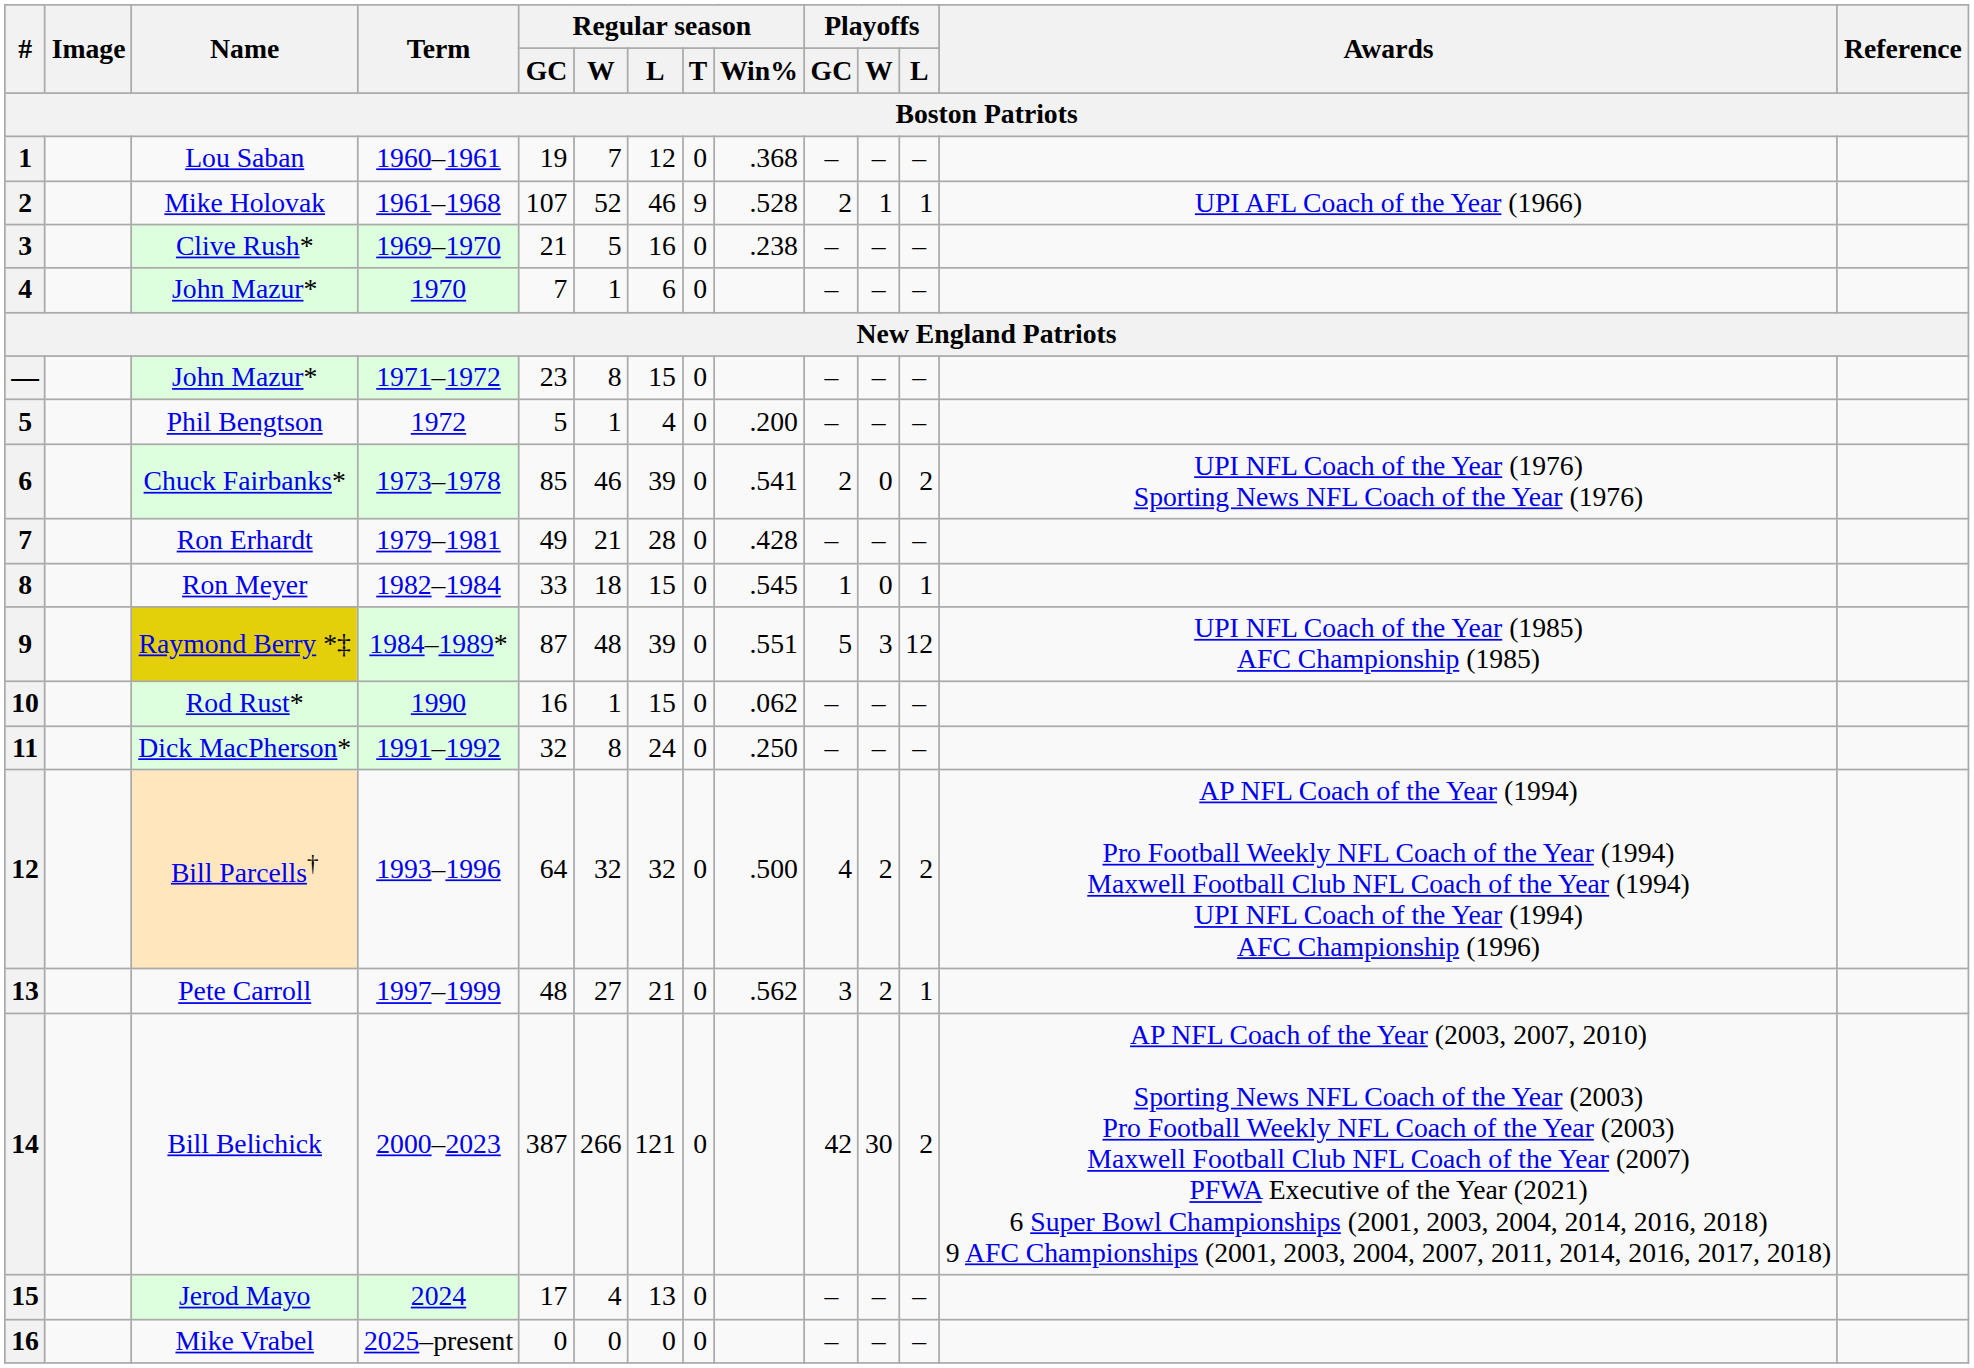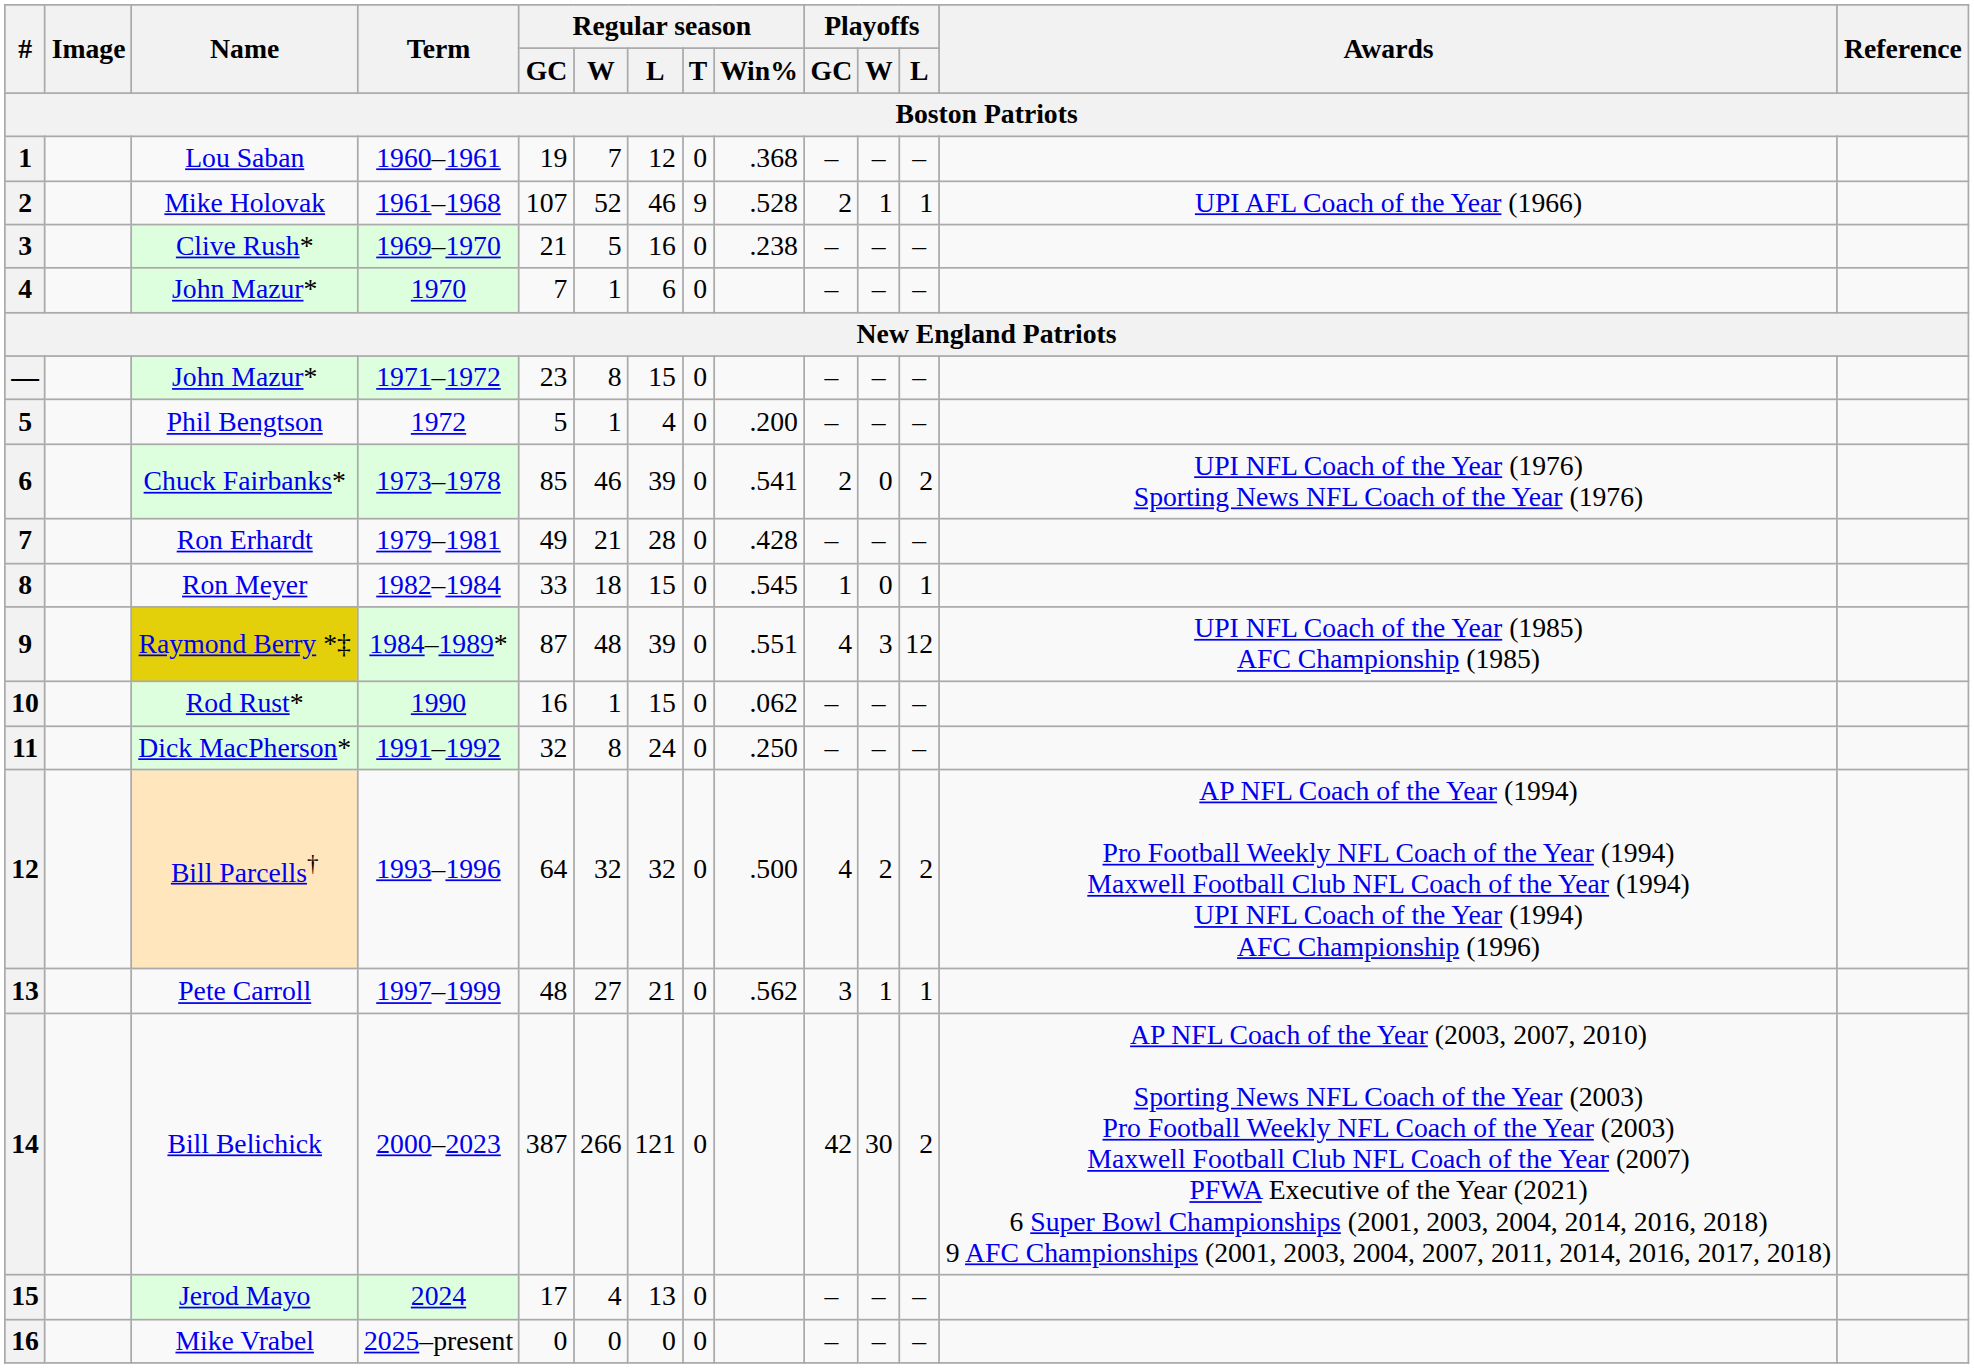 <table class="wikitable" style="text-align:center;">
 <tr>
 <th rowspan="2">#</th>
 <th rowspan="2">Image</th>
 <th rowspan="2">Name</th>
 <th rowspan="2">Term</th>
 <th colspan="5">Regular season</th>
 <th colspan="3">Playoffs</th>
 <th rowspan="2">Awards</th>
 <th rowspan="2">Reference</th>
 </tr>
 <tr>
 <th>GC</th>
 <th>W</th>
 <th>L</th>
 <th>T</th>
 <th>Win%</th>
 <th>GC</th>
 <th>W</th>
 <th>L</th>
 </tr>
 <tr>
 <th colspan="14">Boston Patriots</th>
 </tr>
 <tr>
 <th>1</th>
 <td></td>
 <td><a href='#'>Lou Saban</a></td>
 <td><a href='#'>1960</a>–<a href='#'>1961</a></td>
 <td align="right">19</td>
 <td align="right">7</td>
 <td align="right">12</td>
 <td align="right">0</td>
 <td align="right">.368</td>
 <td>–</td>
 <td>–</td>
 <td>–</td>
 <td></td>
 <td></td>
 </tr>
 <tr>
 <th>2</th>
 <td></td>
 <td><a href='#'>Mike Holovak</a></td>
 <td><a href='#'>1961</a>–<a href='#'>1968</a></td>
 <td align="right">107</td>
 <td align="right">52</td>
 <td align="right">46</td>
 <td align="right">9</td>
 <td align="right">.528</td>
 <td align="right">2</td>
 <td align="right">1</td>
 <td align="right">1</td>
 <td><a href='#'>UPI AFL Coach of the Year</a> (1966)</td>
 <td></td>
 </tr>
 <tr>
 <th>3</th>
 <td></td>
 <td style="background-color:#ddffdd"><a href='#'>Clive Rush</a>*</td>
 <td style="background-color:#ddffdd"><a href='#'>1969</a>–<a href='#'>1970</a></td>
 <td align="right">21</td>
 <td align="right">5</td>
 <td align="right">16</td>
 <td align="right">0</td>
 <td align="right">.238</td>
 <td>–</td>
 <td>–</td>
 <td>–</td>
 <td></td>
 <td></td>
 </tr>
 <tr>
 <th>4</th>
 <td></td>
 <td style="background-color:#ddffdd"><a href='#'>John Mazur</a>*</td>
 <td style="background-color:#ddffdd"><a href='#'>1970</a></td>
 <td align="right">7</td>
 <td align="right">1</td>
 <td align="right">6</td>
 <td align="right">0</td>
 <td align="right"></td>
 <td>–</td>
 <td>–</td>
 <td>–</td>
 <td></td>
 <td></td>
 </tr>
 <tr>
 <th colspan="14">New England Patriots</th>
 </tr>
 <tr>
 <th>—</th>
 <td></td>
 <td style="background-color:#ddffdd"><a href='#'>John Mazur</a>*</td>
 <td style="background-color:#ddffdd"><a href='#'>1971</a>–<a href='#'>1972</a></td>
 <td align="right">23</td>
 <td align="right">8</td>
 <td align="right">15</td>
 <td align="right">0</td>
 <td align="right"></td>
 <td>–</td>
 <td>–</td>
 <td>–</td>
 <td></td>
 <td></td>
 </tr>
 <tr>
 <th>5</th>
 <td></td>
 <td><a href='#'>Phil Bengtson</a></td>
 <td><a href='#'>1972</a></td>
 <td align="right">5</td>
 <td align="right">1</td>
 <td align="right">4</td>
 <td align="right">0</td>
 <td align="right">.200</td>
 <td>–</td>
 <td>–</td>
 <td>–</td>
 <td></td>
 <td></td>
 </tr>
 <tr>
 <th>6</th>
 <td></td>
 <td style="background-color:#ddffdd"><a href='#'>Chuck Fairbanks</a>*</td>
 <td style="background-color:#ddffdd"><a href='#'>1973</a>–<a href='#'>1978</a></td>
 <td align="right">85</td>
 <td align="right">46</td>
 <td align="right">39</td>
 <td align="right">0</td>
 <td align="right">.541</td>
 <td align="right">2</td>
 <td align="right">0</td>
 <td align="right">2</td>
 <td><a href='#'>UPI NFL Coach of the Year</a> (1976)<br><a href='#'>Sporting News NFL Coach of the Year</a> (1976)</td>
 <td></td>
 </tr>
 <tr>
 <th>7</th>
 <td></td>
 <td><a href='#'>Ron Erhardt</a></td>
 <td><a href='#'>1979</a>–<a href='#'>1981</a></td>
 <td align="right">49</td>
 <td align="right">21</td>
 <td align="right">28</td>
 <td align="right">0</td>
 <td align="right">.428</td>
 <td>–</td>
 <td>–</td>
 <td>–</td>
 <td></td>
 <td></td>
 </tr>
 <tr>
 <th>8</th>
 <td></td>
 <td><a href='#'>Ron Meyer</a></td>
 <td><a href='#'>1982</a>–<a href='#'>1984</a></td>
 <td align="right">33</td>
 <td align="right">18</td>
 <td align="right">15</td>
 <td align="right">0</td>
 <td align="right">.545</td>
 <td align="right">1</td>
 <td align="right">0</td>
 <td align="right">1</td>
 <td></td>
 <td></td>
 </tr>
 <tr>
 <th>9</th>
 <td></td>
 <td bgcolor="#E4D00A"><a href='#'>Raymond Berry</a> *‡</td>
 <td style="background-color:#ddffdd"><a href='#'>1984</a>–<a href='#'>1989</a>*</td>
 <td align="right">87</td>
 <td align="right">48</td>
 <td align="right">39</td>
 <td align="right">0</td>
 <td align="right">.551</td>
-<td align="right">5</td>
+<td align="right">4</td>
 <td align="right">3</td>
 <td align="right">12</td>
 <td><a href='#'>UPI NFL Coach of the Year</a> (1985)<br><a href='#'>AFC Championship</a> (1985)</td>
 <td></td>
 </tr>
 <tr>
 <th>10</th>
 <td></td>
 <td style="background-color:#ddffdd"><a href='#'>Rod Rust</a>*</td>
 <td style="background-color:#ddffdd"><a href='#'>1990</a></td>
 <td align="right">16</td>
 <td align="right">1</td>
 <td align="right">15</td>
 <td align="right">0</td>
 <td align="right">.062</td>
 <td>–</td>
 <td>–</td>
 <td>–</td>
 <td></td>
 <td></td>
 </tr>
 <tr>
 <th>11</th>
 <td></td>
 <td style="background-color:#ddffdd"><a href='#'>Dick MacPherson</a>*</td>
 <td style="background-color:#ddffdd"><a href='#'>1991</a>–<a href='#'>1992</a></td>
 <td align="right">32</td>
 <td align="right">8</td>
 <td align="right">24</td>
 <td align="right">0</td>
 <td align="right">.250</td>
 <td>–</td>
 <td>–</td>
 <td>–</td>
 <td></td>
 <td></td>
 </tr>
 <tr>
 <th>12</th>
 <td></td>
 <td style="background-color:#FFE6BD"><a href='#'>Bill Parcells</a><sup>†</sup></td>
 <td><a href='#'>1993</a>–<a href='#'>1996</a></td>
 <td align="right">64</td>
 <td align="right">32</td>
 <td align="right">32</td>
 <td align="right">0</td>
 <td align="right">.500</td>
 <td align="right">4</td>
 <td align="right">2</td>
 <td align="right">2</td>
 <td><a href='#'>AP NFL Coach of the Year</a> (1994)<br><br><a href='#'>Pro Football Weekly NFL Coach of the Year</a> (1994)<br> <a href='#'>Maxwell Football Club NFL Coach of the Year</a> (1994)<br> <a href='#'>UPI NFL Coach of the Year</a> (1994)<br> <a href='#'>AFC Championship</a> (1996)</td>
 <td></td>
 </tr>
 <tr>
 <th>13</th>
 <td></td>
 <td><a href='#'>Pete Carroll</a></td>
 <td><a href='#'>1997</a>–<a href='#'>1999</a></td>
 <td align="right">48</td>
 <td align="right">27</td>
 <td align="right">21</td>
 <td align="right">0</td>
 <td align="right">.562</td>
 <td align="right">3</td>
-<td align="right">2</td>
+<td align="right">1</td>
 <td align="right">1</td>
 <td></td>
 <td></td>
 </tr>
 <tr>
 <th>14</th>
 <td></td>
 <td><a href='#'>Bill Belichick</a></td>
 <td><a href='#'>2000</a>–<a href='#'>2023</a></td>
 <td align="right">387</td>
 <td align="right">266</td>
 <td align="right">121</td>
 <td align="right">0</td>
 <td align="right"></td>
 <td align="right">42</td>
 <td align="right">30</td>
 <td align="right">2</td>
 <td><a href='#'>AP NFL Coach of the Year</a> (2003, 2007, 2010)<br><br><a href='#'>Sporting News NFL Coach of the Year</a> (2003)<br> <a href='#'>Pro Football Weekly NFL Coach of the Year</a> (2003)<br> <a href='#'>Maxwell Football Club NFL Coach of the Year</a> (2007)<br> <a href='#'>PFWA</a> Executive of the Year (2021)<br> 6 <a href='#'>Super Bowl Championships</a> (2001, 2003, 2004, 2014, 2016, 2018)<br> 9 <a href='#'>AFC Championships</a> (2001, 2003, 2004, 2007, 2011, 2014, 2016, 2017, 2018)</td>
 <td></td>
 </tr>
 <tr>
 <th>15</th>
 <td></td>
 <td style="background-color:#ddffdd"><a href='#'>Jerod Mayo</a></td>
 <td style="background-color:#ddffdd"><a href='#'>2024</a></td>
 <td align="right">17</td>
 <td align="right">4</td>
 <td align="right">13</td>
 <td align="right">0</td>
 <td align="right"></td>
 <td>–</td>
 <td>–</td>
 <td>–</td>
 <td></td>
 <td></td>
 </tr>
 <tr>
 <th>16</th>
 <td></td>
 <td><a href='#'>Mike Vrabel</a></td>
 <td><a href='#'>2025</a>–present</td>
 <td align="right">0</td>
 <td align="right">0</td>
 <td align="right">0</td>
 <td align="right">0</td>
 <td align="right"></td>
 <td>–</td>
 <td>–</td>
 <td>–</td>
 <td></td>
 <td></td>
 </tr>
 </table>
